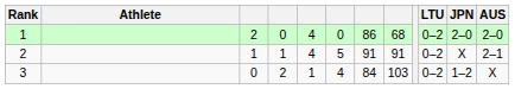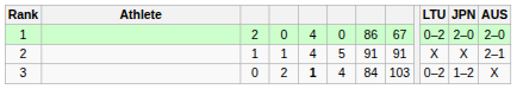 <table class="wikitable" style="text-align:center">
 <tr>
 <th>Rank</th>
 <th width=250>Athlete</th>
 <th width=30></th>
 <th width=30></th>
 <th width=30></th>
 <th width=30></th>
 <th width=30></th>
 <th width=30></th>
 <th rowspan=4></th>
 <th width=30>LTU</th>
 <th width=30>JPN</th>
 <th width=30>AUS</th>
 </tr>
 <tr style="background-color:#ccffcc;">
 <td>1</td>
 <td align=left></td>
 <td>2</td>
 <td>0</td>
 <td>4</td>
 <td>0</td>
 <td>86</td>
-<td>68</td>
+<td>67</td>
 <td>0–2</td>
 <td>2–0</td>
 <td>2–0</td>
 </tr>
 <tr>
 <td>2</td>
 <td align=left></td>
 <td>1</td>
 <td>1</td>
 <td>4</td>
 <td>5</td>
 <td>91</td>
 <td>91</td>
-<td>0–2</td>
+<td>X</td>
 <td>X</td>
 <td>2–1</td>
 </tr>
 <tr>
 <td>3</td>
 <td align=left></td>
 <td>0</td>
 <td>2</td>
-<td>1</td>
+<td><strong>1</strong></td>
 <td>4</td>
 <td>84</td>
 <td>103</td>
 <td>0–2</td>
 <td>1–2</td>
 <td>X</td>
 </tr>
 </table>
